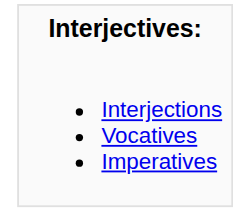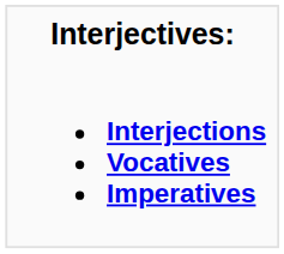 <table style = "margin-left: 1em; border: 1px solid #e0e0e0; background-color: #fafafa; padding: 2px; float: right; clear: right; font-size: 85%">
 <tr>
 <td style = "text-align: center"><strong>Interjectives:</strong></td>
 </tr>
 <tr>
-<td style = "font-size: 90%"><br><ul><li><a href='#'>Interjections</a></li><li><a href='#'>Vocatives</a></li><li><a href='#'>Imperatives</a></li></ul></td>
+<td style = "font-size: 90%"><strong><br><ul><li><a href='#'>Interjections</a></li><li><a href='#'>Vocatives</a></li><li><a href='#'>Imperatives</a></li></ul></strong></td>
 </tr>
 </table>
